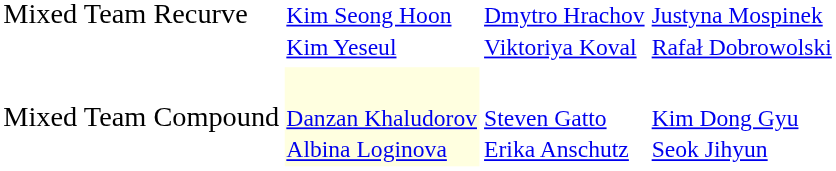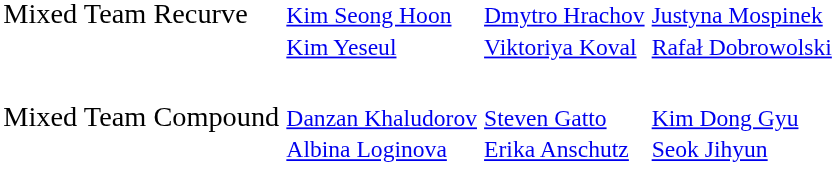 <table>
 <tr>
 <td>Mixed Team Recurve</td>
 <td><br><small><a href='#'>Kim Seong Hoon</a> <br><a href='#'>Kim Yeseul</a></small></td>
 <td><br><small><a href='#'>Dmytro Hrachov</a> <br><a href='#'>Viktoriya Koval</a></small></td>
 <td><br><small><a href='#'>Justyna Mospinek</a> <br><a href='#'>Rafał Dobrowolski</a></small></td>
 </tr>
 <tr>
 <td>Mixed Team Compound</td>
-<td style="background: lightyellow;"><br><small><a href='#'>Danzan Khaludorov</a> <br><a href='#'>Albina Loginova</a></small></td>
+<td><br><small><a href='#'>Danzan Khaludorov</a> <br><a href='#'>Albina Loginova</a></small></td>
 <td><br><small><a href='#'>Steven Gatto</a> <br><a href='#'>Erika Anschutz</a></small></td>
 <td><br><small><a href='#'>Kim Dong Gyu</a> <br><a href='#'>Seok Jihyun</a></small></td>
 </tr>
 </table>
